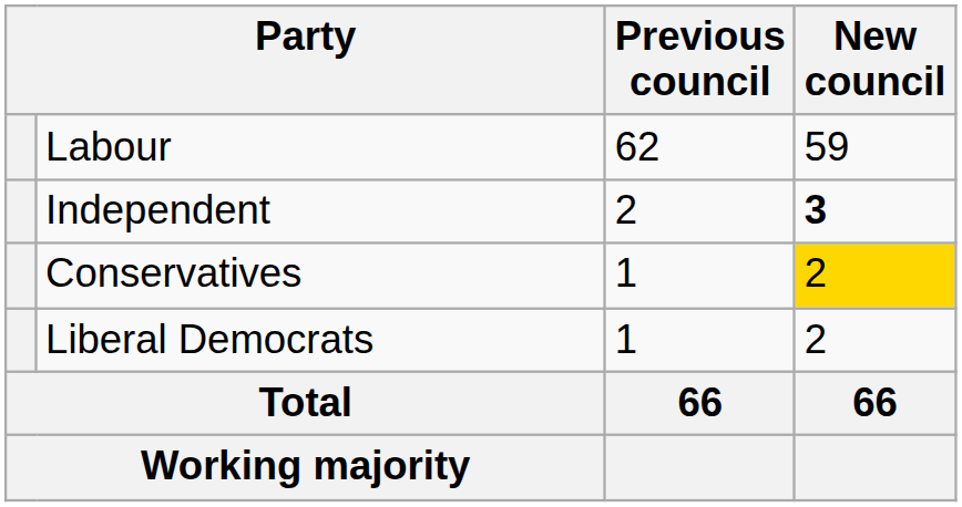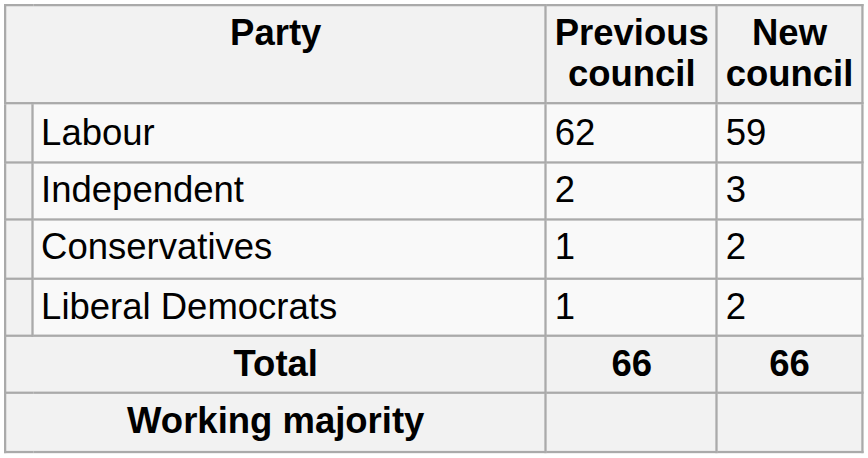 <table class="wikitable">
 <tr>
 <th valign=top colspan="2" style="width: 230px">Party</th>
 <th valign=top style="width: 30px">Previous council</th>
 <th valign=top style="width: 30px">New council</th>
 </tr>
 <tr>
 <th style="background-color: "></th>
 <td>Labour</td>
 <td>62</td>
 <td>59</td>
 </tr>
 <tr>
 <th style="background-color: "></th>
 <td>Independent</td>
 <td>2</td>
-<td><strong>3</strong></td>
+<td>3</td>
 </tr>
 <tr>
 <th style="background-color: "></th>
 <td>Conservatives</td>
 <td>1</td>
-<td style="background: gold;">2</td>
+<td>2</td>
 </tr>
 <tr>
 <th style="background-color: "></th>
 <td>Liberal Democrats</td>
 <td>1</td>
 <td>2</td>
 </tr>
 <tr>
 <th colspan=2>Total</th>
 <th style="text-align: center">66</th>
 <th colspan=3>66</th>
 </tr>
 <tr>
 <th colspan=2>Working majority</th>
 <th></th>
 <th></th>
 </tr>
 </table>
